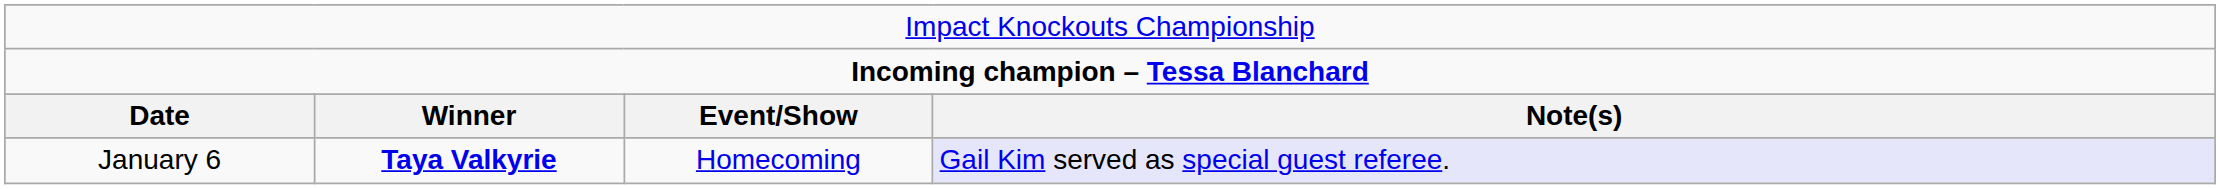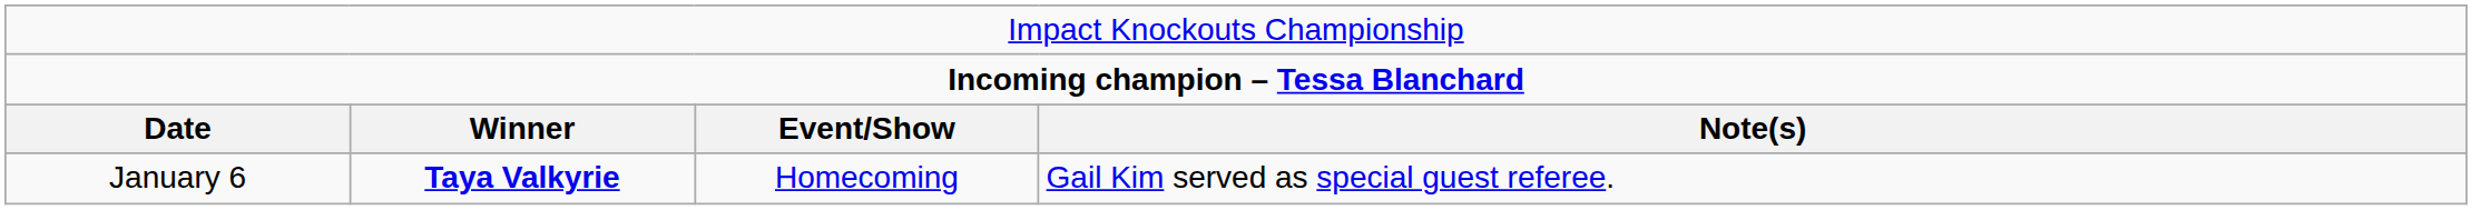 <table class="wikitable" style="text-align:center; width:100%;">
 <tr>
 <td colspan="4"><a href='#'>Impact Knockouts Championship</a></td>
 </tr>
 <tr>
 <td colspan="4"><strong>Incoming champion – <a href='#'>Tessa Blanchard</a></strong></td>
 </tr>
 <tr>
 <th width=14%>Date</th>
 <th width=14%>Winner</th>
 <th width=14%>Event/Show</th>
 <th width=58%>Note(s)</th>
 </tr>
 <tr>
 <td>January 6</td>
 <td><strong><a href='#'>Taya Valkyrie</a></strong></td>
 <td><a href='#'>Homecoming</a></td>
-<td align=left style="background: lavender;"><a href='#'>Gail Kim</a> served as <a href='#'>special guest referee</a>.</td>
+<td align=left><a href='#'>Gail Kim</a> served as <a href='#'>special guest referee</a>.</td>
 </tr>
 </table>
